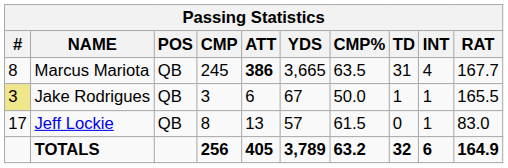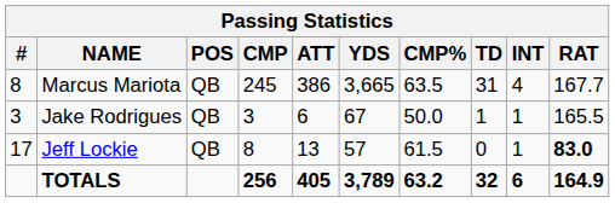 <table class="wikitable sortable collapsible collapsed">
 <tr>
 <th colspan="10">Passing Statistics</th>
 </tr>
 <tr>
 <th>#</th>
 <th>NAME</th>
 <th>POS</th>
 <th>CMP</th>
 <th>ATT</th>
 <th>YDS</th>
 <th>CMP%</th>
 <th>TD</th>
 <th>INT</th>
 <th>RAT</th>
 </tr>
 <tr>
 <td>8</td>
 <td>Marcus Mariota</td>
 <td>QB</td>
 <td>245</td>
-<td><strong>386</strong></td>
+<td>386</td>
 <td>3,665</td>
 <td>63.5</td>
 <td>31</td>
 <td>4</td>
 <td>167.7</td>
 </tr>
 <tr>
-<td style="background: khaki;">3</td>
+<td>3</td>
 <td>Jake Rodrigues</td>
 <td>QB</td>
 <td>3</td>
 <td>6</td>
 <td>67</td>
 <td>50.0</td>
 <td>1</td>
 <td>1</td>
 <td>165.5</td>
 </tr>
 <tr>
 <td>17</td>
 <td><a href='#'>Jeff Lockie</a></td>
 <td>QB</td>
 <td>8</td>
 <td>13</td>
 <td>57</td>
 <td>61.5</td>
 <td>0</td>
 <td>1</td>
-<td>83.0</td>
+<td><strong>83.0</strong></td>
 </tr>
 <tr>
 <td></td>
 <td><strong>TOTALS</strong></td>
 <td></td>
 <td><strong>256</strong></td>
 <td><strong>405</strong></td>
 <td><strong>3,789</strong></td>
 <td><strong>63.2</strong></td>
 <td><strong>32</strong></td>
 <td><strong>6</strong></td>
 <td><strong>164.9<em></td>
 </tr>
 </table>
